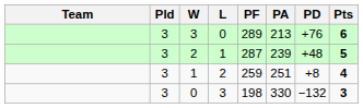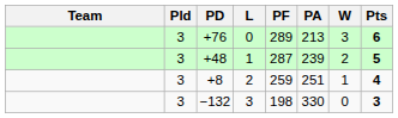 <table class="wikitable" style="text-align:center;">
 <tr>
 <th width=180>Team</th>
 <th width=30>Pld</th>
-<th width=30>W</th>
+<th width=30>PD</th>
 <th width=30>L</th>
 <th width=30>PF</th>
 <th width=30>PA</th>
-<th width=30>PD</th>
+<th width=30>W</th>
 <th width=30>Pts</th>
 </tr>
 <tr bgcolor="#ccffcc">
 <td align="left"></td>
 <td>3</td>
-<td>3</td>
+<td>+76</td>
 <td>0</td>
 <td>289</td>
 <td>213</td>
-<td>+76</td>
+<td>3</td>
 <td><strong>6</strong></td>
 </tr>
 <tr bgcolor="#ccffcc">
 <td align="left"></td>
 <td>3</td>
-<td>2</td>
+<td>+48</td>
 <td>1</td>
 <td>287</td>
 <td>239</td>
-<td>+48</td>
+<td>2</td>
 <td><strong>5</strong></td>
 </tr>
 <tr>
 <td align="left"></td>
 <td>3</td>
-<td>1</td>
+<td>+8</td>
 <td>2</td>
 <td>259</td>
 <td>251</td>
-<td>+8</td>
+<td>1</td>
 <td><strong>4</strong></td>
 </tr>
 <tr>
 <td align="left"></td>
 <td>3</td>
-<td>0</td>
+<td>−132</td>
 <td>3</td>
 <td>198</td>
 <td>330</td>
-<td>−132</td>
+<td>0</td>
 <td><strong>3</strong></td>
 </tr>
 </table>
